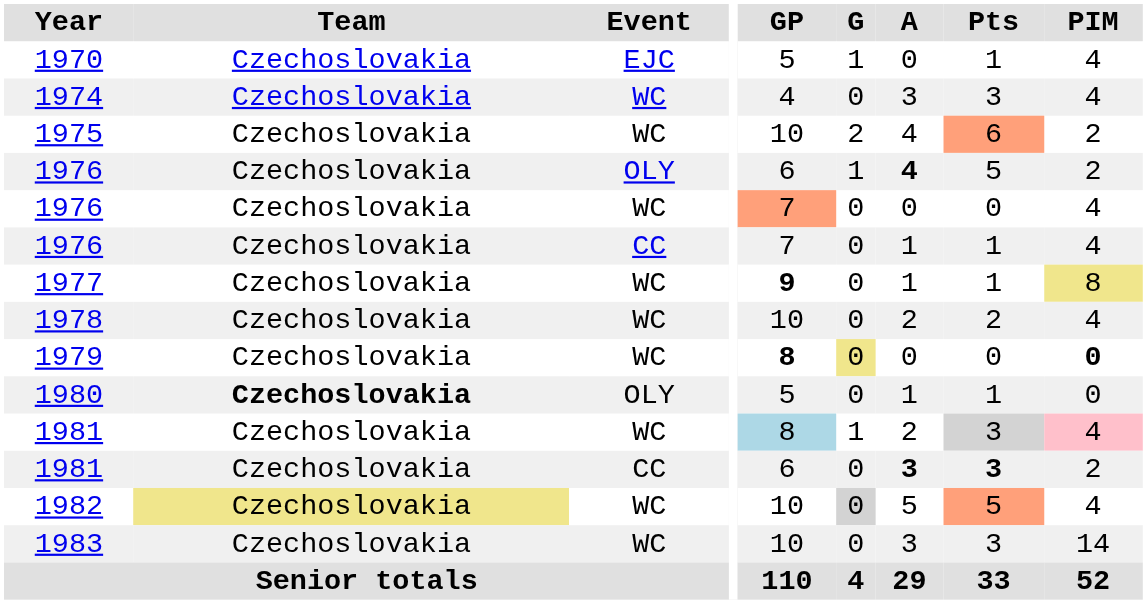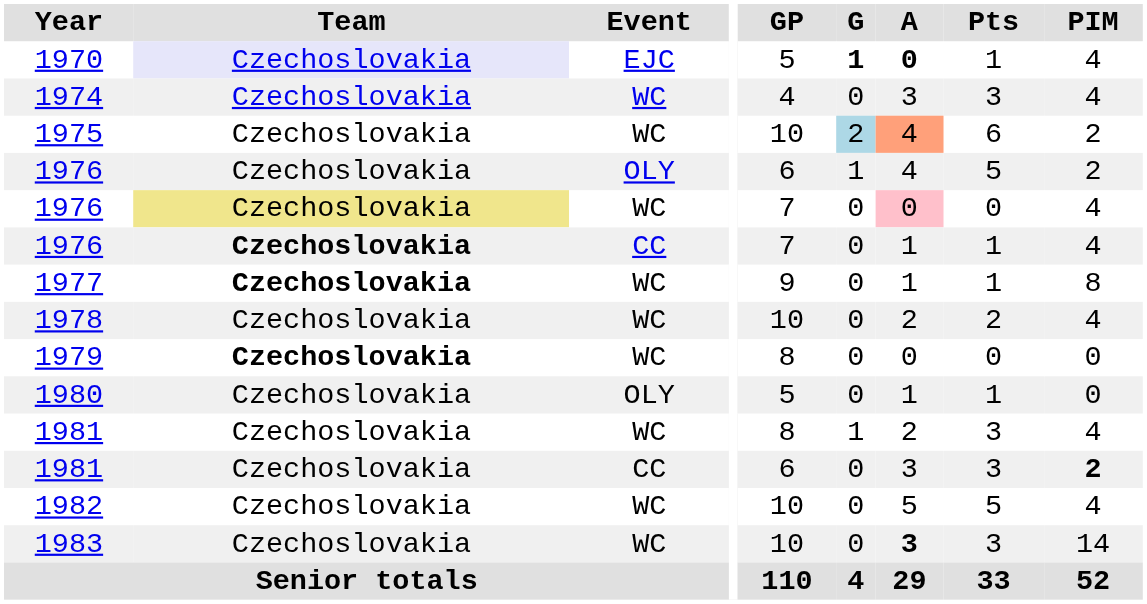 <table border="0" cellpadding="1" cellspacing="0" ID="Table3" style="text-align:center; width:40em">
 <tr bgcolor="#e0e0e0">
 <th>Year</th>
 <th>Team</th>
 <th>Event</th>
 <th rowspan="102" bgcolor="#ffffff"></th>
 <th>GP</th>
 <th>G</th>
 <th>A</th>
 <th>Pts</th>
 <th>PIM</th>
 </tr>
 <tr>
 <td><a href='#'>1970</a></td>
-<td><a href='#'>Czechoslovakia</a></td>
+<td style="background: lavender;"><a href='#'>Czechoslovakia</a></td>
 <td><a href='#'>EJC</a></td>
 <td>5</td>
-<td>1</td>
-<td>0</td>
+<td><strong>1</strong></td>
+<td><strong>0</strong></td>
 <td>1</td>
 <td>4</td>
 </tr>
 <tr bgcolor="#f0f0f0">
 <td><a href='#'>1974</a></td>
 <td><a href='#'>Czechoslovakia</a></td>
 <td><a href='#'>WC</a></td>
 <td>4</td>
 <td>0</td>
 <td>3</td>
 <td>3</td>
 <td>4</td>
 </tr>
 <tr>
 <td><a href='#'>1975</a></td>
 <td>Czechoslovakia</td>
 <td>WC</td>
 <td>10</td>
-<td>2</td>
-<td>4</td>
-<td style="background: lightsalmon;">6</td>
+<td style="background: lightblue;">2</td>
+<td style="background: lightsalmon;">4</td>
+<td>6</td>
 <td>2</td>
 </tr>
 <tr bgcolor="#f0f0f0">
 <td><a href='#'>1976</a></td>
 <td>Czechoslovakia</td>
 <td><a href='#'>OLY</a></td>
 <td>6</td>
 <td>1</td>
-<td><strong>4</strong></td>
+<td>4</td>
 <td>5</td>
 <td>2</td>
 </tr>
 <tr>
 <td><a href='#'>1976</a></td>
-<td>Czechoslovakia</td>
+<td style="background: khaki;">Czechoslovakia</td>
 <td>WC</td>
-<td style="background: lightsalmon;">7</td>
+<td>7</td>
 <td>0</td>
-<td>0</td>
+<td style="background: pink;">0</td>
 <td>0</td>
 <td>4</td>
 </tr>
 <tr bgcolor="#f0f0f0">
 <td><a href='#'>1976</a></td>
-<td>Czechoslovakia</td>
+<td><strong>Czechoslovakia</strong></td>
 <td><a href='#'>CC</a></td>
 <td>7</td>
 <td>0</td>
 <td>1</td>
 <td>1</td>
 <td>4</td>
 </tr>
 <tr>
 <td><a href='#'>1977</a></td>
-<td>Czechoslovakia</td>
+<td><strong>Czechoslovakia</strong></td>
 <td>WC</td>
-<td><strong>9</strong></td>
+<td>9</td>
 <td>0</td>
 <td>1</td>
 <td>1</td>
-<td style="background: khaki;">8</td>
+<td>8</td>
 </tr>
 <tr bgcolor="#f0f0f0">
 <td><a href='#'>1978</a></td>
 <td>Czechoslovakia</td>
 <td>WC</td>
 <td>10</td>
 <td>0</td>
 <td>2</td>
 <td>2</td>
 <td>4</td>
 </tr>
 <tr>
 <td><a href='#'>1979</a></td>
-<td>Czechoslovakia</td>
+<td><strong>Czechoslovakia</strong></td>
 <td>WC</td>
-<td><strong>8</strong></td>
-<td style="background: khaki;">0</td>
+<td>8</td>
 <td>0</td>
 <td>0</td>
-<td><strong>0</strong></td>
+<td>0</td>
+<td>0</td>
 </tr>
 <tr bgcolor="#f0f0f0">
 <td><a href='#'>1980</a></td>
-<td><strong>Czechoslovakia</strong></td>
+<td>Czechoslovakia</td>
 <td>OLY</td>
 <td>5</td>
 <td>0</td>
 <td>1</td>
 <td>1</td>
 <td>0</td>
 </tr>
 <tr>
 <td><a href='#'>1981</a></td>
 <td>Czechoslovakia</td>
 <td>WC</td>
-<td style="background: lightblue;">8</td>
+<td>8</td>
 <td>1</td>
 <td>2</td>
-<td style="background: lightgrey;">3</td>
-<td style="background: pink;">4</td>
+<td>3</td>
+<td>4</td>
 </tr>
 <tr bgcolor="#f0f0f0">
 <td><a href='#'>1981</a></td>
 <td>Czechoslovakia</td>
 <td>CC</td>
 <td>6</td>
 <td>0</td>
-<td><strong>3</strong></td>
-<td><strong>3</strong></td>
-<td>2</td>
+<td>3</td>
+<td>3</td>
+<td><strong>2</strong></td>
 </tr>
 <tr>
 <td><a href='#'>1982</a></td>
-<td style="background: khaki;">Czechoslovakia</td>
+<td>Czechoslovakia</td>
 <td>WC</td>
 <td>10</td>
-<td style="background: lightgrey;">0</td>
+<td>0</td>
 <td>5</td>
-<td style="background: lightsalmon;">5</td>
+<td>5</td>
 <td>4</td>
 </tr>
 <tr bgcolor="#f0f0f0">
 <td><a href='#'>1983</a></td>
 <td>Czechoslovakia</td>
 <td>WC</td>
 <td>10</td>
 <td>0</td>
-<td>3</td>
+<td><strong>3</strong></td>
 <td>3</td>
 <td>14</td>
 </tr>
 <tr bgcolor="#e0e0e0">
 <th colspan=3>Senior totals</th>
 <th>110</th>
 <th>4</th>
 <th>29</th>
 <th>33</th>
 <th>52</th>
 </tr>
 </table>
